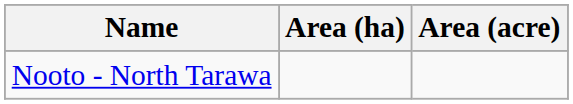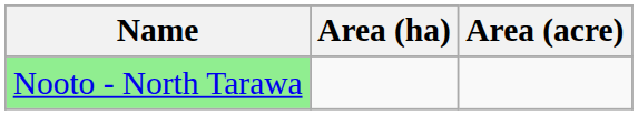 <table class="wikitable sortable">
 <tr>
 <th scope="col" align=left>Name</th>
 <th scope="col">Area (ha)</th>
 <th scope="col">Area (acre)</th>
 </tr>
 <tr ---->
-<td><a href='#'>Nooto - North Tarawa</a></td>
+<td style="background: lightgreen;"><a href='#'>Nooto - North Tarawa</a></td>
 <td></td>
 </tr>
 </table>
